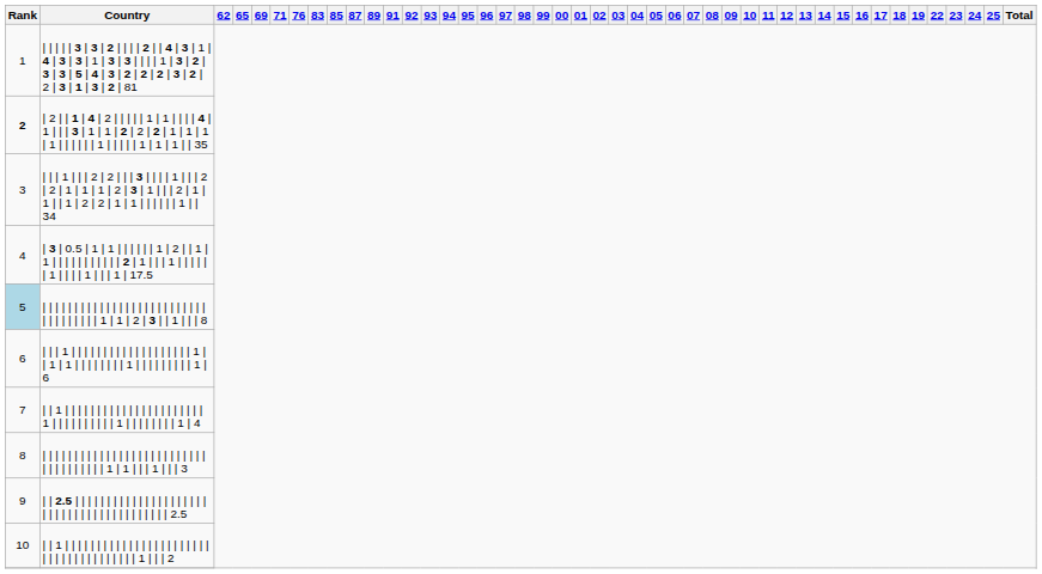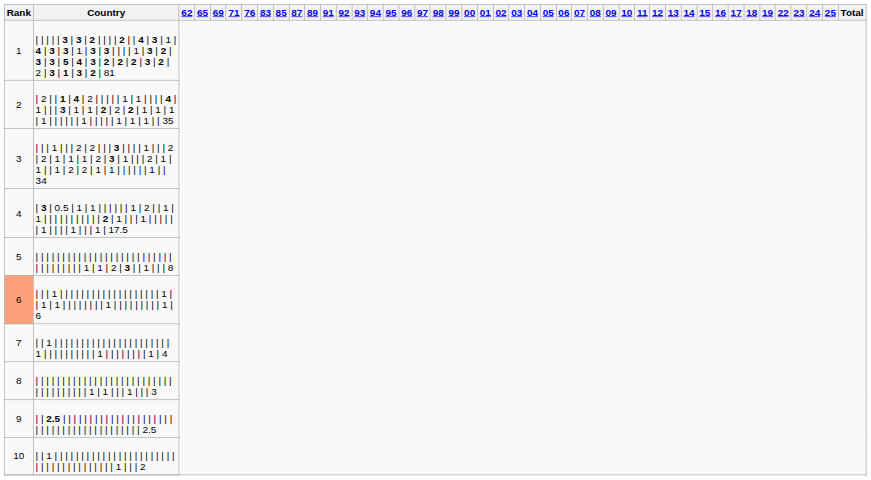 <table class=wikitable style="font-size:90%; text-align:center">
 <tr>
 <th>Rank</th>
 <th>Country</th>
 <th><a href='#'>62</a></th>
 <th><a href='#'>65</a></th>
 <th><a href='#'>69</a></th>
 <th><a href='#'>71</a></th>
 <th><a href='#'>76</a></th>
 <th><a href='#'>83</a></th>
 <th><a href='#'>85</a></th>
 <th><a href='#'>87</a></th>
 <th><a href='#'>89</a></th>
 <th><a href='#'>91</a></th>
 <th><a href='#'>92</a></th>
 <th><a href='#'>93</a></th>
 <th><a href='#'>94</a></th>
 <th><a href='#'>95</a></th>
 <th><a href='#'>96</a></th>
 <th><a href='#'>97</a></th>
 <th><a href='#'>98</a></th>
 <th><a href='#'>99</a></th>
 <th><a href='#'>00</a></th>
 <th><a href='#'>01</a></th>
 <th><a href='#'>02</a></th>
 <th><a href='#'>03</a></th>
 <th><a href='#'>04</a></th>
 <th><a href='#'>05</a></th>
 <th><a href='#'>06</a></th>
 <th><a href='#'>07</a></th>
 <th><a href='#'>08</a></th>
 <th><a href='#'>09</a></th>
 <th><a href='#'>10</a></th>
 <th><a href='#'>11</a></th>
 <th><a href='#'>12</a></th>
 <th><a href='#'>13</a></th>
 <th><a href='#'>14</a></th>
 <th><a href='#'>15</a></th>
 <th><a href='#'>16</a></th>
 <th><a href='#'>17</a></th>
 <th><a href='#'>18</a></th>
 <th><a href='#'>19</a></th>
 <th><a href='#'>22</a></th>
 <th><a href='#'>23</a></th>
 <th><a href='#'>24</a></th>
 <th><a href='#'>25</a></th>
 <th>Total</th>
 </tr>
 <tr>
 <td>1</td>
 <td align="left"><br> |  |  |  |  | <strong>3</strong>   | <strong>3</strong>   | <strong>2</strong>   |   |   |  | <strong>2</strong>  |  | <strong>4</strong>   | <strong>3</strong>   | 1   | <strong>4</strong>   | <strong>3</strong>   | <strong>3</strong>   | 1   | <strong>3</strong>   | <strong>3</strong>   |  |  |  | 1   | <strong>3</strong>   | <strong>2</strong>   | <strong>3</strong>   | <strong>3</strong>   | <strong>5</strong>   | <strong>4</strong>   | <strong>3</strong>   | <strong>2</strong>   | <strong>2</strong>   | <strong>2</strong>   | <strong>3</strong>   | <strong>2</strong>   | 2   | <strong>3</strong>  | <strong>1</strong>  | <strong>3</strong>   | <strong>2</strong>  | 81</td>
 </tr>
 <tr>
-<td><strong>2</strong></td>
+<td>2</td>
 <td align="left"><br> | 2   |  | <strong>1</strong>   | <strong>4</strong>   | 2   |  |  |   |   | 1   | 1   |   |  |  | <strong>4</strong>   | 1   |  |  | <strong>3</strong>   | 1   | 1   | <strong>2</strong>   | 2   | <strong>2</strong>   | 1   | 1   | 1   | 1   |  |  |  |  |  | 1   |  |  |  |  | 1  | 1  | 1  |  | 35</td>
 </tr>
 <tr>
 <td>3</td>
 <td align="left"><br> |  |  | 1   |  |  | 2   | 2   |   |  | <strong>3</strong>   |  |  |  | 1   |  |  | 2   | 2   | 1   | 1   | 1   | 2   | <strong>3</strong>   | 1   |  |  | 2   | 1   | 1   |  | 1   | 2   | 2   | 1   | 1   |  |  |  |  |  | 1  |  | 34</td>
 </tr>
 <tr>
 <td>4</td>
 <td align="left"><br> | <strong>3</strong>   | 0.5   | 1   | 1   |  |  |  |   |  | 1   | 2   |  | 1   | 1   |  |  |  |  |  |  |  |  |  |  | <strong>2</strong>   | 1   |  |  | 1   |  |  |  |  |  | 1   |  |  |  | 1  |  |  | 1  | 17.5</td>
 </tr>
 <tr>
-<td style="background: lightblue;">5</td>
+<td>5</td>
 <td align="left"><br> |  |  |  |  |  |  |  |  |  |  |  |  |  |  |  |  |  |  |  |  |  |  |  |  |  |  |  |  |  |  |  |  |  |  | 1   | 1   | 2   | <strong>3</strong>  |  | 1  |  |  | 8</td>
 </tr>
 <tr>
-<td>6</td>
+<td style="background: lightsalmon;">6</td>
 <td align="left"><br> |  |  | 1   |  |  |  |  |  |  |  |  |  |  |  |  |  |  |  |  |  |  | 1   |  | 1   | 1   |  |  |  |  |  |  |  | 1   |  |  |  |  |  |  |  |  | 1  | 6</td>
 </tr>
 <tr>
 <td>7</td>
 <td align="left"><br> |  | 1   |  |  |  |  |  |  |  |  |  |  |  |  |  |  |  |  |  |  |  |  |  | 1   |  |  |  |  |  |  |  |  |  | 1   |  |  |  |  |  |  |  | 1  | 4</td>
 </tr>
 <tr>
 <td>8</td>
 <td align="left"><br> |  |  |  |  |  |  |  |  |  |  |  |  |  |  |  |  |  |  |  |  |  |  |  |  |  |  |  |  |  |  |  |  |  |  |  | 1   | 1   |  |  | 1  |  |  | 3</td>
 </tr>
 <tr>
 <td>9</td>
 <td align="left"><br> |  | <strong>2.5</strong>   |  |  |  |  |  |  |  |  |  |  |  |  |  |  |  |  |  |  |  |  |  |  |  |  |  |  |  |  |  |  |  |  |  |  |  |  |  |  |  |  | 2.5</td>
 </tr>
 <tr>
 <td>10</td>
 <td align="left"><br> |  | 1   |  |  |  |  |  |  |  |  |  |  |  |  |  |  |  |  |  |  |  |  |  |  |  |  |  |  |  |  |  |  |  |  |  |  |  |  |  | 1  |  |  | 2</td>
 </tr>
 <tr>
 </tr>
 </table>
